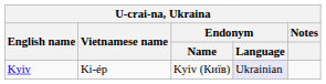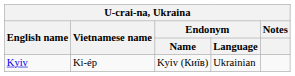 <table class="wikitable sortable">
 <tr>
 <th colspan="5"> U-crai-na, Ukraina</th>
 </tr>
 <tr>
 <th rowspan="2">English name</th>
 <th rowspan="2">Vietnamese name</th>
 <th colspan="2">Endonym</th>
 <th>Notes</th>
 </tr>
 <tr>
 <th>Name</th>
 <th>Language</th>
 <th></th>
 </tr>
 <tr>
 <td><a href='#'>Kyiv</a></td>
 <td>Ki-ép</td>
 <td>Kyiv (Київ)</td>
-<td style="background: lavender;">Ukrainian</td>
+<td>Ukrainian</td>
 </tr>
 </table>
